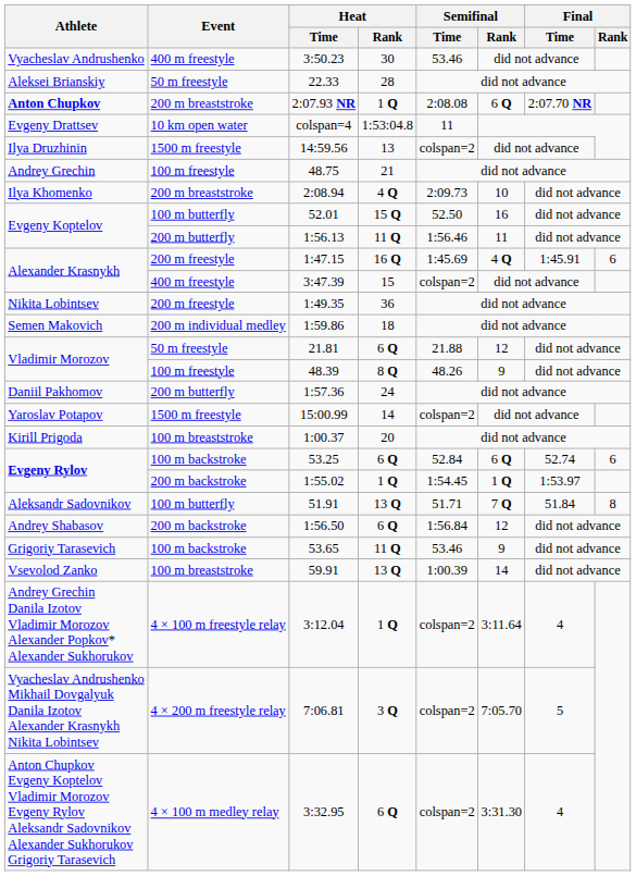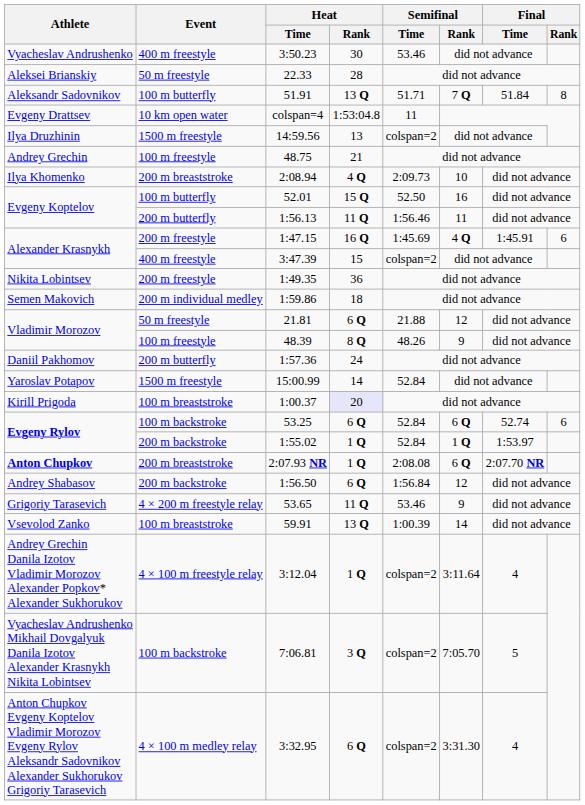 <table class=wikitable style="font-size:90%">
 <tr>
 <th rowspan="2">Athlete</th>
 <th rowspan="2">Event</th>
 <th colspan="2">Heat</th>
 <th colspan="2">Semifinal</th>
 <th colspan="2">Final</th>
 </tr>
 <tr style="font-size:95%">
 <th>Time</th>
 <th>Rank</th>
 <th>Time</th>
 <th>Rank</th>
 <th>Time</th>
 <th>Rank</th>
 </tr>
 <tr align=center>
 <td align=left><a href='#'>Vyacheslav Andrushenko</a></td>
 <td align=left><a href='#'>400 m freestyle</a></td>
 <td>3:50.23</td>
 <td>30</td>
 <td>53.46</td>
 <td colspan=2>did not advance</td>
 </tr>
 <tr align=center>
 <td align=left><a href='#'>Aleksei Brianskiy</a></td>
 <td align=left><a href='#'>50 m freestyle</a></td>
 <td>22.33</td>
 <td>28</td>
 <td colspan=4>did not advance</td>
 </tr>
 <tr align=center>
-<td align=left><strong><a href='#'>Anton Chupkov</a></strong></td>
-<td align=left><a href='#'>200 m breaststroke</a></td>
-<td>2:07.93 <strong><a href='#'>NR</a></strong></td>
-<td>1 <strong>Q</strong></td>
-<td>2:08.08</td>
-<td>6 <strong>Q</strong></td>
-<td>2:07.70 <strong><a href='#'>NR</a></strong></td>
-<td></td>
+<td align=left><a href='#'>Aleksandr Sadovnikov</a></td>
+<td align=left><a href='#'>100 m butterfly</a></td>
+<td>51.91</td>
+<td>13 <strong>Q</strong></td>
+<td>51.71</td>
+<td>7 <strong>Q</strong></td>
+<td>51.84</td>
+<td>8</td>
 </tr>
 <tr align=center>
 <td align=left><a href='#'>Evgeny Drattsev</a></td>
 <td align=left><a href='#'>10 km open water</a></td>
 <td>colspan=4 </td>
 <td>1:53:04.8</td>
 <td>11</td>
 </tr>
 <tr align=center>
 <td align=left><a href='#'>Ilya Druzhinin</a></td>
 <td align=left><a href='#'>1500 m freestyle</a></td>
 <td>14:59.56</td>
 <td>13</td>
 <td>colspan=2 </td>
 <td colspan=2>did not advance</td>
 </tr>
 <tr align=center>
 <td align=left><a href='#'>Andrey Grechin</a></td>
 <td align=left><a href='#'>100 m freestyle</a></td>
 <td>48.75</td>
 <td>21</td>
 <td colspan=4>did not advance</td>
 </tr>
 <tr align=center>
 <td align=left><a href='#'>Ilya Khomenko</a></td>
 <td align=left><a href='#'>200 m breaststroke</a></td>
 <td>2:08.94</td>
 <td>4 <strong>Q</strong></td>
 <td>2:09.73</td>
 <td>10</td>
 <td colspan=2>did not advance</td>
 </tr>
 <tr align=center>
 <td align=left rowspan=2><a href='#'>Evgeny Koptelov</a></td>
 <td align=left><a href='#'>100 m butterfly</a></td>
 <td>52.01</td>
 <td>15 <strong>Q</strong></td>
 <td>52.50</td>
 <td>16</td>
 <td colspan=2>did not advance</td>
 </tr>
 <tr align=center>
 <td align=left><a href='#'>200 m butterfly</a></td>
 <td>1:56.13</td>
 <td>11 <strong>Q</strong></td>
 <td>1:56.46</td>
 <td>11</td>
 <td colspan=2>did not advance</td>
 </tr>
 <tr align=center>
 <td align=left rowspan=2><a href='#'>Alexander Krasnykh</a></td>
 <td align=left><a href='#'>200 m freestyle</a></td>
 <td>1:47.15</td>
 <td>16 <strong>Q</strong></td>
 <td>1:45.69</td>
 <td>4 <strong>Q</strong></td>
 <td>1:45.91</td>
 <td>6</td>
 </tr>
 <tr align=center>
 <td align=left><a href='#'>400 m freestyle</a></td>
 <td>3:47.39</td>
 <td>15</td>
 <td>colspan=2 </td>
 <td colspan=2>did not advance</td>
 </tr>
 <tr align=center>
 <td align=left><a href='#'>Nikita Lobintsev</a></td>
 <td align=left><a href='#'>200 m freestyle</a></td>
 <td>1:49.35</td>
 <td>36</td>
 <td colspan=4>did not advance</td>
 </tr>
 <tr align=center>
 <td align=left><a href='#'>Semen Makovich</a></td>
 <td align=left><a href='#'>200 m individual medley</a></td>
 <td>1:59.86</td>
 <td>18</td>
 <td colspan=4>did not advance</td>
 </tr>
 <tr align=center>
 <td align=left rowspan=2><a href='#'>Vladimir Morozov</a></td>
 <td align=left><a href='#'>50 m freestyle</a></td>
 <td>21.81</td>
 <td>6 <strong>Q</strong></td>
 <td>21.88</td>
 <td>12</td>
 <td colspan=2>did not advance</td>
 </tr>
 <tr align=center>
 <td align=left><a href='#'>100 m freestyle</a></td>
 <td>48.39</td>
 <td>8 <strong>Q</strong></td>
 <td>48.26</td>
 <td>9</td>
 <td colspan=2>did not advance</td>
 </tr>
 <tr align=center>
 <td align=left><a href='#'>Daniil Pakhomov</a></td>
 <td align=left><a href='#'>200 m butterfly</a></td>
 <td>1:57.36</td>
 <td>24</td>
 <td colspan=4>did not advance</td>
 </tr>
 <tr align=center>
 <td align=left><a href='#'>Yaroslav Potapov</a></td>
 <td align=left><a href='#'>1500 m freestyle</a></td>
 <td>15:00.99</td>
 <td>14</td>
-<td>colspan=2 </td>
+<td>52.84</td>
 <td colspan=2>did not advance</td>
 </tr>
 <tr align=center>
 <td align=left><a href='#'>Kirill Prigoda</a></td>
 <td align=left><a href='#'>100 m breaststroke</a></td>
 <td>1:00.37</td>
-<td>20</td>
+<td style="background: lavender;">20</td>
 <td colspan=4>did not advance</td>
 </tr>
 <tr align=center>
 <td align=left rowspan=2><strong><a href='#'>Evgeny Rylov</a></strong></td>
 <td align=left><a href='#'>100 m backstroke</a></td>
 <td>53.25</td>
 <td>6 <strong>Q</strong></td>
 <td>52.84</td>
 <td>6 <strong>Q</strong></td>
 <td>52.74</td>
 <td>6</td>
 </tr>
 <tr align=center>
 <td align=left><a href='#'>200 m backstroke</a></td>
 <td>1:55.02</td>
 <td>1 <strong>Q</strong></td>
-<td>1:54.45</td>
+<td>52.84</td>
 <td>1 <strong>Q</strong></td>
 <td>1:53.97</td>
 <td></td>
 </tr>
 <tr align=center>
-<td align=left><a href='#'>Aleksandr Sadovnikov</a></td>
-<td align=left><a href='#'>100 m butterfly</a></td>
-<td>51.91</td>
-<td>13 <strong>Q</strong></td>
-<td>51.71</td>
-<td>7 <strong>Q</strong></td>
-<td>51.84</td>
-<td>8</td>
+<td align=left><strong><a href='#'>Anton Chupkov</a></strong></td>
+<td align=left><a href='#'>200 m breaststroke</a></td>
+<td>2:07.93 <strong><a href='#'>NR</a></strong></td>
+<td>1 <strong>Q</strong></td>
+<td>2:08.08</td>
+<td>6 <strong>Q</strong></td>
+<td>2:07.70 <strong><a href='#'>NR</a></strong></td>
+<td></td>
 </tr>
 <tr align=center>
 <td align=left><a href='#'>Andrey Shabasov</a></td>
 <td align=left><a href='#'>200 m backstroke</a></td>
 <td>1:56.50</td>
 <td>6 <strong>Q</strong></td>
 <td>1:56.84</td>
 <td>12</td>
 <td colspan=2>did not advance</td>
 </tr>
 <tr align=center>
 <td align=left><a href='#'>Grigoriy Tarasevich</a></td>
-<td align=left><a href='#'>100 m backstroke</a></td>
+<td align=left><a href='#'>4 × 200 m freestyle relay</a></td>
 <td>53.65</td>
 <td>11 <strong>Q</strong></td>
 <td>53.46</td>
 <td>9</td>
 <td colspan=2>did not advance</td>
 </tr>
 <tr align=center>
 <td align=left><a href='#'>Vsevolod Zanko</a></td>
 <td align=left><a href='#'>100 m breaststroke</a></td>
 <td>59.91</td>
 <td>13 <strong>Q</strong></td>
 <td>1:00.39</td>
 <td>14</td>
 <td colspan=2>did not advance</td>
 </tr>
 <tr align=center>
 <td align=left><a href='#'>Andrey Grechin</a><br><a href='#'>Danila Izotov</a><br><a href='#'>Vladimir Morozov</a><br><a href='#'>Alexander Popkov</a>*<br><a href='#'>Alexander Sukhorukov</a></td>
 <td align=left><a href='#'>4 × 100 m freestyle relay</a></td>
 <td>3:12.04</td>
 <td>1 <strong>Q</strong></td>
 <td>colspan=2 </td>
 <td>3:11.64</td>
 <td>4</td>
 </tr>
 <tr align=center>
 <td align=left><a href='#'>Vyacheslav Andrushenko</a><br><a href='#'>Mikhail Dovgalyuk</a><br><a href='#'>Danila Izotov</a><br><a href='#'>Alexander Krasnykh</a><br><a href='#'>Nikita Lobintsev</a></td>
-<td align=left><a href='#'>4 × 200 m freestyle relay</a></td>
+<td align=left><a href='#'>100 m backstroke</a></td>
 <td>7:06.81</td>
 <td>3 <strong>Q</strong></td>
 <td>colspan=2 </td>
 <td>7:05.70</td>
 <td>5</td>
 </tr>
 <tr align=center>
 <td align=left><a href='#'>Anton Chupkov</a><br><a href='#'>Evgeny Koptelov</a><br><a href='#'>Vladimir Morozov</a><br><a href='#'>Evgeny Rylov</a><br><a href='#'>Aleksandr Sadovnikov</a><br><a href='#'>Alexander Sukhorukov</a><br><a href='#'>Grigoriy Tarasevich</a></td>
 <td align=left><a href='#'>4 × 100 m medley relay</a></td>
 <td>3:32.95</td>
 <td>6 <strong>Q</strong></td>
 <td>colspan=2 </td>
 <td>3:31.30</td>
 <td>4</td>
 </tr>
 </table>
